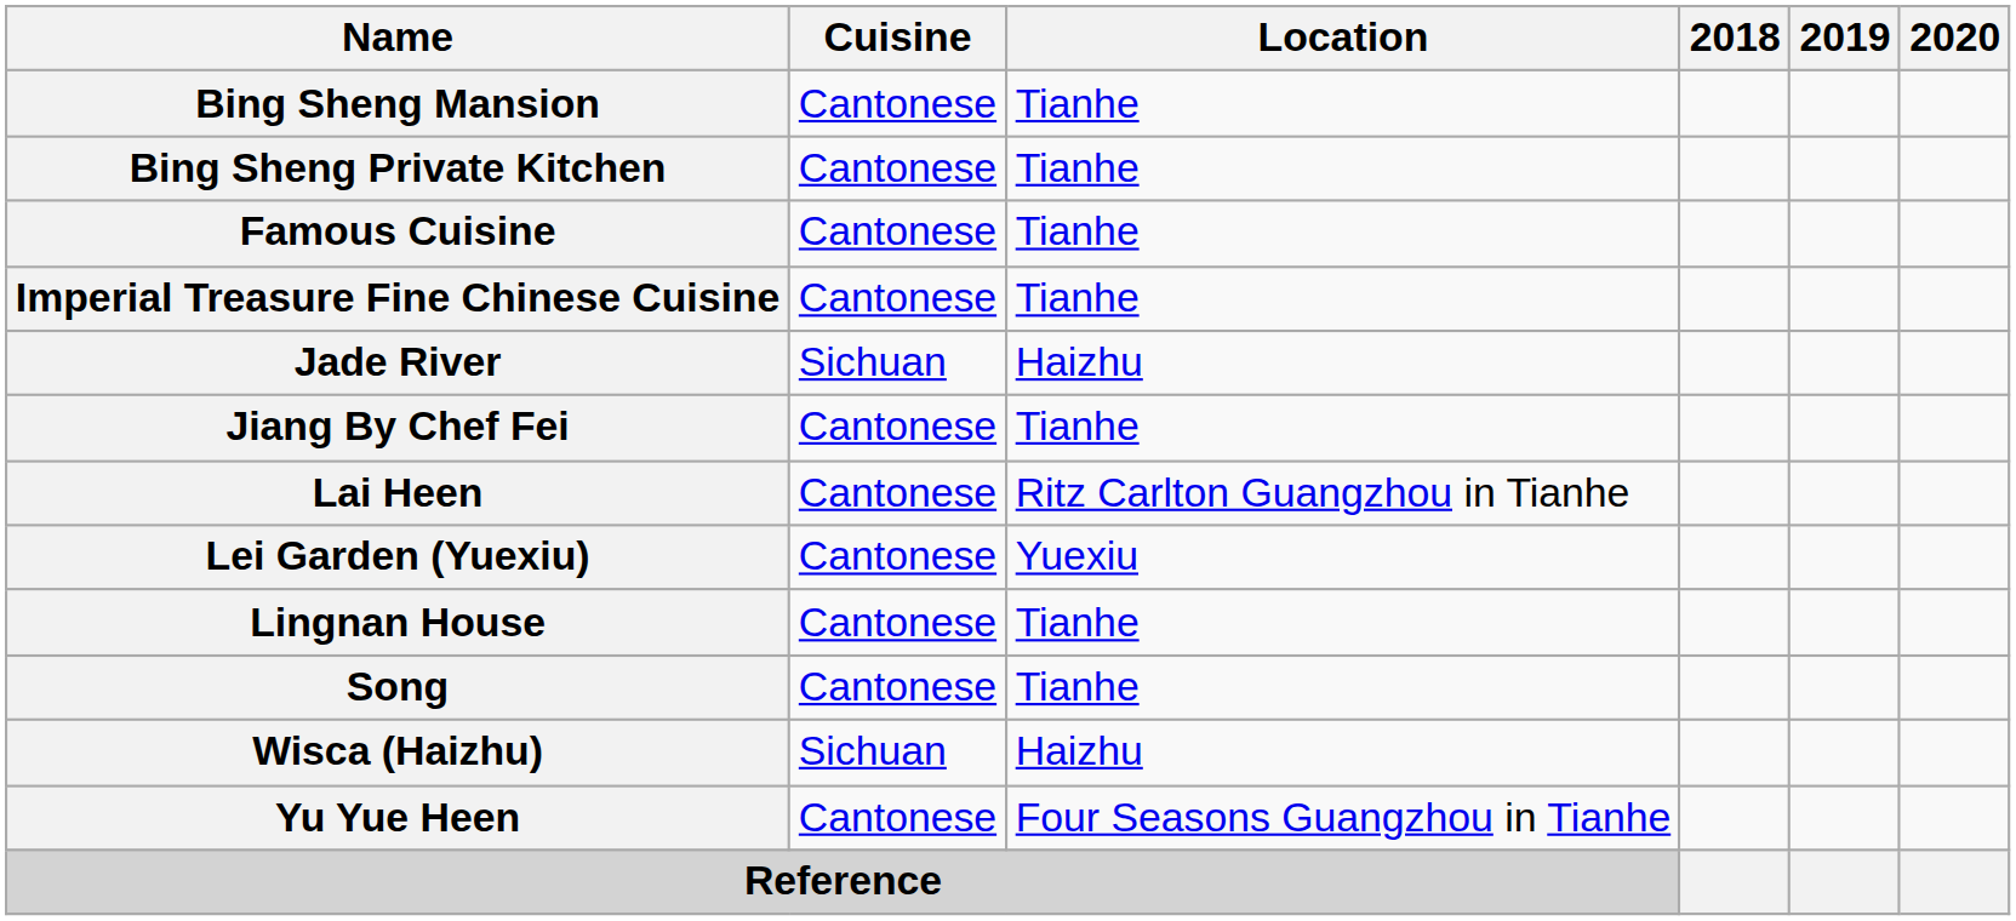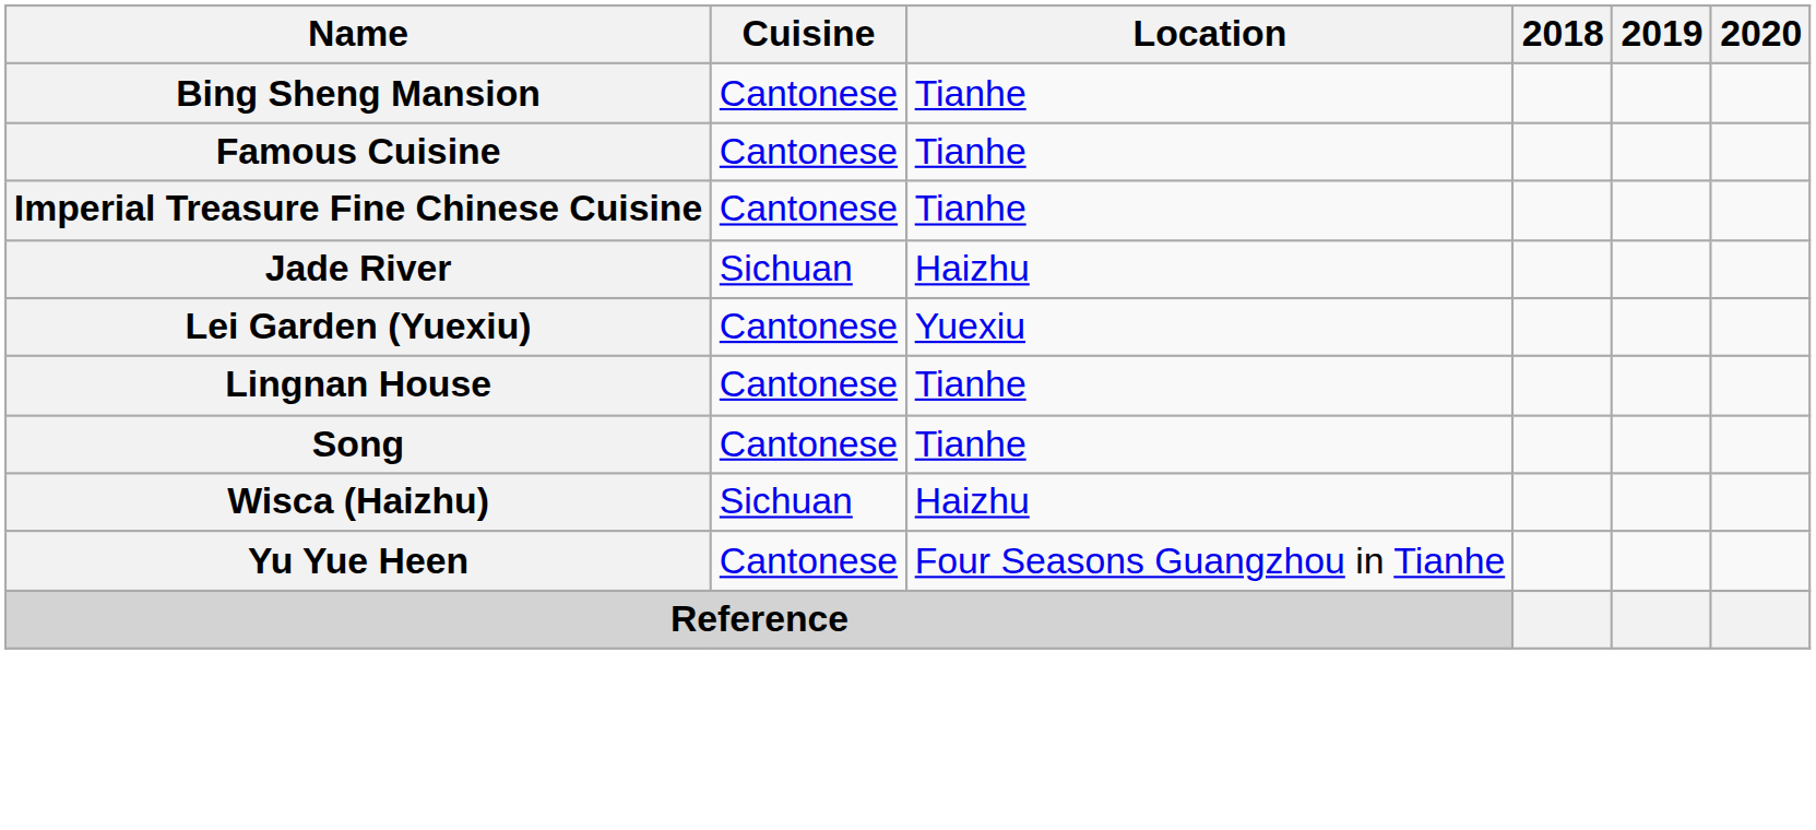 <table class="wikitable sortable plainrowheaders" style="text-align:left;"">
 <tr>
 <th scope="col">Name</th>
 <th scope="col">Cuisine</th>
 <th scope="col">Location</th>
 <th scope="col">2018</th>
 <th scope="col">2019</th>
 <th scope="col">2020</th>
 </tr>
 <tr>
 <th scope="row">Bing Sheng Mansion </th>
-<td><a href='#'>Cantonese</a></td>
-<td><a href='#'>Tianhe</a></td>
-<td></td>
-<td></td>
-<td></td>
-</tr>
-<tr>
-<th scope="row">Bing Sheng Private Kitchen </th>
 <td><a href='#'>Cantonese</a></td>
 <td><a href='#'>Tianhe</a></td>
 <td></td>
 <td></td>
 <td></td>
 </tr>
 <tr>
 <th scope="row">Famous Cuisine </th>
 <td><a href='#'>Cantonese</a></td>
 <td><a href='#'>Tianhe</a></td>
 <td></td>
 <td></td>
 <td></td>
 </tr>
 <tr>
 <th scope="row">Imperial Treasure Fine Chinese Cuisine </th>
 <td><a href='#'>Cantonese</a></td>
 <td><a href='#'>Tianhe</a></td>
 <td></td>
 <td></td>
 <td></td>
 </tr>
 <tr>
 <th scope="row">Jade River </th>
 <td><a href='#'>Sichuan</a></td>
 <td><a href='#'>Haizhu</a></td>
-<td></td>
-<td></td>
-<td></td>
-</tr>
-<tr>
-<th scope="row">Jiang By Chef Fei </th>
-<td><a href='#'>Cantonese</a></td>
-<td><a href='#'>Tianhe</a></td>
-<td></td>
-<td></td>
-<td></td>
-</tr>
-<tr>
-<th scope="row">Lai Heen </th>
-<td><a href='#'>Cantonese</a></td>
-<td><a href='#'>Ritz Carlton Guangzhou</a> in Tianhe</td>
 <td></td>
 <td></td>
 <td></td>
 </tr>
 <tr>
 <th scope="row">Lei Garden (Yuexiu) </th>
 <td><a href='#'>Cantonese</a></td>
 <td><a href='#'>Yuexiu</a></td>
 <td></td>
 <td></td>
 <td></td>
 </tr>
 <tr>
 <th scope="row">Lingnan House </th>
 <td><a href='#'>Cantonese</a></td>
 <td><a href='#'>Tianhe</a></td>
 <td></td>
 <td></td>
 <td></td>
 </tr>
 <tr>
 <th scope="row">Song </th>
 <td><a href='#'>Cantonese</a></td>
 <td><a href='#'>Tianhe</a></td>
 <td></td>
 <td></td>
 <td></td>
 </tr>
 <tr>
 <th scope="row">Wisca (Haizhu) </th>
 <td><a href='#'>Sichuan</a></td>
 <td><a href='#'>Haizhu</a></td>
 <td></td>
 <td></td>
 <td></td>
 </tr>
 <tr>
 <th scope="row">Yu Yue Heen </th>
 <td><a href='#'>Cantonese</a></td>
 <td><a href='#'>Four Seasons Guangzhou</a> in <a href='#'>Tianhe</a></td>
 <td></td>
 <td></td>
 <td></td>
 </tr>
 <tr>
 <th colspan="3" style="text-align: center;background: lightgray;">Reference</th>
 <th></th>
 <th></th>
 <th></th>
 </tr>
 </table>
